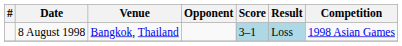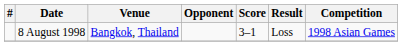 <table class="wikitable">
 <tr>
 <th>#</th>
 <th>Date</th>
 <th>Venue</th>
 <th>Opponent</th>
 <th>Score</th>
 <th>Result</th>
 <th>Competition</th>
 </tr>
 <tr>
 <td></td>
 <td>8 August 1998</td>
 <td><a href='#'>Bangkok</a>, <a href='#'>Thailand</a></td>
 <td></td>
-<td style="background: lightblue;">3–1</td>
-<td style="background: lightblue;">Loss</td>
+<td>3–1</td>
+<td>Loss</td>
 <td><a href='#'>1998 Asian Games</a></td>
 </tr>
 <tr>
 </tr>
 </table>
